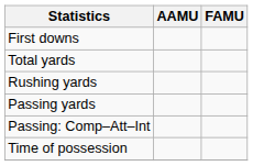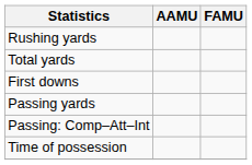 <table class="wikitable" style="float: left;">
 <tr>
 <th>Statistics</th>
 <th>AAMU</th>
 <th>FAMU</th>
 </tr>
 <tr>
-<td>First downs</td>
+<td>Rushing yards</td>
 <td></td>
 <td></td>
 </tr>
 <tr>
 <td>Total yards</td>
 <td></td>
 <td></td>
 </tr>
 <tr>
-<td>Rushing yards</td>
+<td>First downs</td>
 <td></td>
 <td></td>
 </tr>
 <tr>
 <td>Passing yards</td>
 <td></td>
 <td></td>
 </tr>
 <tr>
 <td>Passing: Comp–Att–Int</td>
 <td></td>
 <td></td>
 </tr>
 <tr>
 <td>Time of possession</td>
 <td></td>
 <td></td>
 </tr>
 <tr>
 </tr>
 </table>
